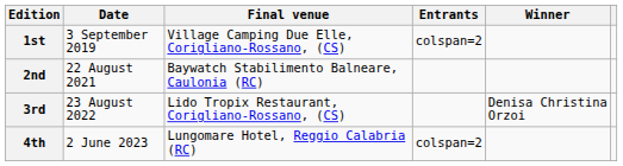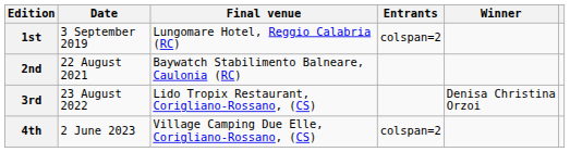 <table class="wikitable defaultcenter col2left col3left col5left" style="font-size:95%;">
 <tr>
 <th>Edition</th>
 <th>Date</th>
 <th>Final venue</th>
 <th>Entrants</th>
 <th>Winner</th>
 <th></th>
 </tr>
 <tr>
 <th>1st</th>
 <td>3 September 2019</td>
-<td>Village Camping Due Elle, <a href='#'>Corigliano-Rossano</a>, (<a href='#'>CS</a>)</td>
+<td>Lungomare Hotel, <a href='#'>Reggio Calabria</a> (<a href='#'>RC</a>)</td>
 <td>colspan=2 </td>
 <td></td>
 </tr>
 <tr>
 <th>2nd</th>
 <td>22 August 2021</td>
 <td>Baywatch Stabilimento Balneare, <a href='#'>Caulonia</a> (<a href='#'>RC</a>)</td>
 <td></td>
 <td></td>
 <td></td>
 </tr>
 <tr>
 <th>3rd</th>
 <td>23 August 2022</td>
 <td>Lido Tropix Restaurant, <a href='#'>Corigliano-Rossano</a>, (<a href='#'>CS</a>)</td>
 <td></td>
 <td>Denisa Christina Orzoi</td>
 <td></td>
 </tr>
 <tr>
 <th>4th</th>
 <td>2 June 2023</td>
-<td>Lungomare Hotel, <a href='#'>Reggio Calabria</a> (<a href='#'>RC</a>)</td>
+<td>Village Camping Due Elle, <a href='#'>Corigliano-Rossano</a>, (<a href='#'>CS</a>)</td>
 <td>colspan=2 </td>
 <td></td>
 </tr>
 </table>
